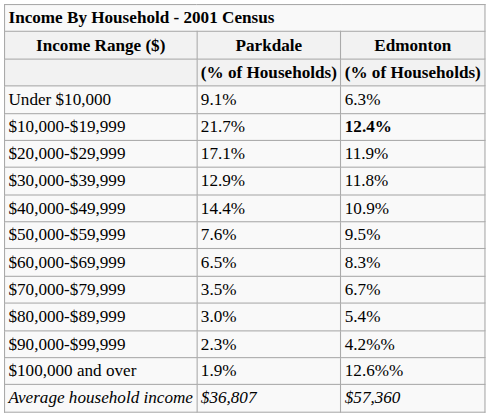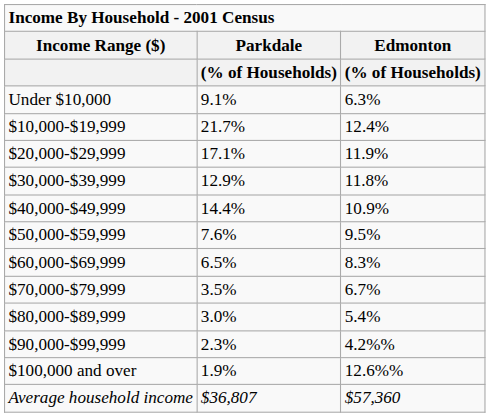 <table class="wikitable">
 <tr>
 <td colspan="3"><strong>Income By Household - 2001 Census</strong></td>
 </tr>
 <tr>
 <th>Income Range ($)</th>
 <th>Parkdale</th>
 <th>Edmonton</th>
 </tr>
 <tr>
 <th></th>
 <th>(% of Households)</th>
 <th>(% of Households)</th>
 </tr>
 <tr>
 <td>Under $10,000</td>
 <td>9.1%</td>
 <td>6.3%</td>
 </tr>
 <tr>
 <td>$10,000-$19,999</td>
 <td>21.7%</td>
-<td><strong>12.4%</strong></td>
+<td>12.4%</td>
 </tr>
 <tr>
 <td>$20,000-$29,999</td>
 <td>17.1%</td>
 <td>11.9%</td>
 </tr>
 <tr>
 <td>$30,000-$39,999</td>
 <td>12.9%</td>
 <td>11.8%</td>
 </tr>
 <tr>
 <td>$40,000-$49,999</td>
 <td>14.4%</td>
 <td>10.9%</td>
 </tr>
 <tr>
 <td>$50,000-$59,999</td>
 <td>7.6%</td>
 <td>9.5%</td>
 </tr>
 <tr>
 <td>$60,000-$69,999</td>
 <td>6.5%</td>
 <td>8.3%</td>
 </tr>
 <tr>
 <td>$70,000-$79,999</td>
 <td>3.5%</td>
 <td>6.7%</td>
 </tr>
 <tr>
 <td>$80,000-$89,999</td>
 <td>3.0%</td>
 <td>5.4%</td>
 </tr>
 <tr>
 <td>$90,000-$99,999</td>
 <td>2.3%</td>
 <td>4.2%%</td>
 </tr>
 <tr>
 <td>$100,000 and over</td>
 <td>1.9%</td>
 <td>12.6%%</td>
 </tr>
 <tr>
 <td><em>Average household income</em></td>
 <td><em>$36,807</em></td>
 <td><em>$57,360</em></td>
 </tr>
 </table>
